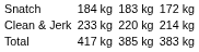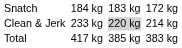 <table>
 <tr>
 <td>Snatch</td>
 <td></td>
 <td>184 kg</td>
 <td></td>
 <td>183 kg</td>
 <td></td>
 <td>172 kg</td>
 </tr>
 <tr>
 <td>Clean & Jerk</td>
 <td></td>
 <td>233 kg</td>
 <td></td>
-<td>220 kg</td>
+<td style="background: lightgrey;">220 kg</td>
 <td></td>
 <td>214 kg</td>
 </tr>
 <tr>
 <td>Total</td>
 <td></td>
 <td>417 kg</td>
 <td></td>
 <td>385 kg</td>
 <td></td>
 <td>383 kg</td>
 </tr>
 </table>
